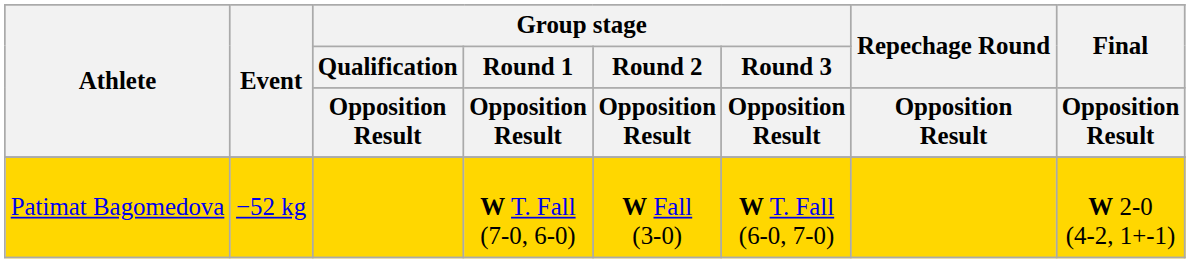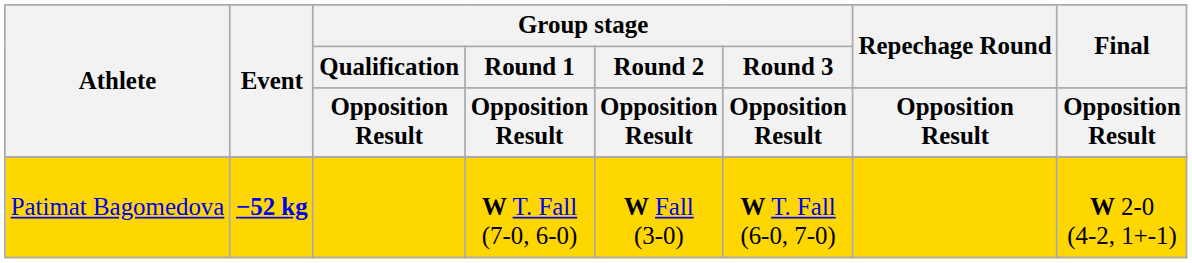 <table class="wikitable" style="font-size:90%">
 <tr>
 <th rowspan="3">Athlete</th>
 <th rowspan="3">Event</th>
 <th colspan="4">Group stage</th>
 <th rowspan="2">Repechage Round</th>
 <th rowspan="2">Final</th>
 </tr>
 <tr>
 <th>Qualification</th>
 <th>Round 1</th>
 <th>Round 2</th>
 <th>Round 3</th>
 </tr>
 <tr>
 <th>Opposition<br>Result</th>
 <th>Opposition<br>Result</th>
 <th>Opposition<br>Result</th>
 <th>Opposition<br>Result</th>
 <th>Opposition<br>Result</th>
 <th>Opposition<br>Result</th>
 </tr>
 <tr>
 </tr>
 <tr bgcolor=gold>
 <td><a href='#'>Patimat Bagomedova</a></td>
-<td><a href='#'>−52 kg</a></td>
+<td><strong><a href='#'>−52 kg</a></strong></td>
 <td></td>
 <td align=center><br><strong>W</strong> <a href='#'>T. Fall</a><br>(7-0, 6-0)</td>
 <td align=center><br><strong>W</strong> <a href='#'>Fall</a><br>(3-0)</td>
 <td align=center><br><strong>W</strong> <a href='#'>T. Fall</a><br>(6-0, 7-0)</td>
 <td></td>
 <td align=center><br><strong>W</strong> 2-0<br>(4-2, 1+-1)</td>
 </tr>
 </table>
